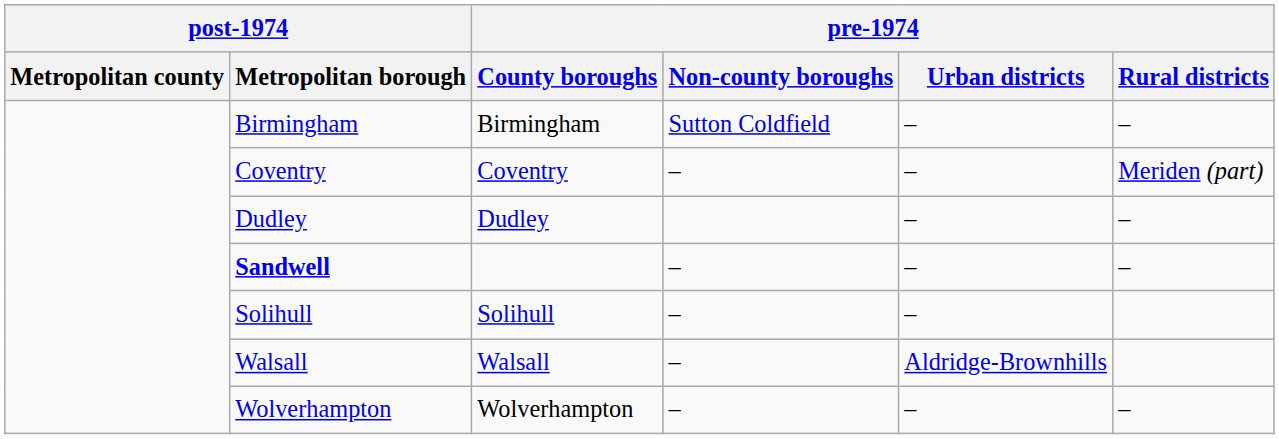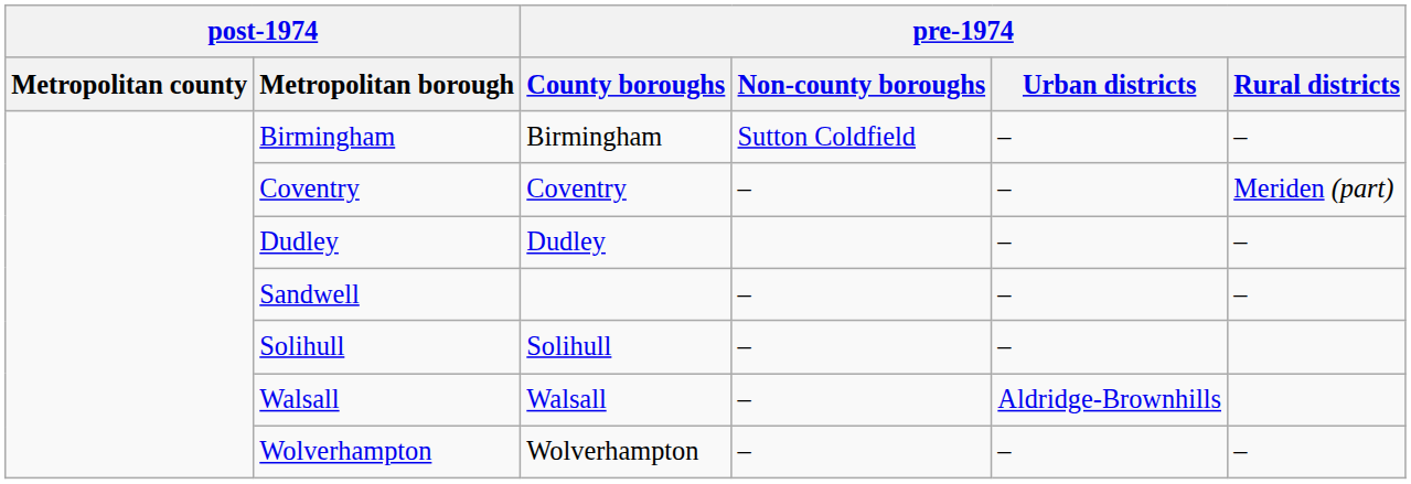 <table class="wikitable" style="border:0px;text-align:left;line-height:150%;">
 <tr>
 <th colspan="2"><a href='#'>post-1974</a></th>
 <th colspan="4"><a href='#'>pre-1974</a></th>
 </tr>
 <tr>
 <th>Metropolitan county</th>
 <th>Metropolitan borough</th>
 <th><a href='#'>County boroughs</a></th>
 <th><a href='#'>Non-county boroughs</a></th>
 <th><a href='#'>Urban districts</a></th>
 <th><a href='#'>Rural districts</a></th>
 </tr>
 <tr>
 <td rowspan=7><br></td>
 <td><a href='#'>Birmingham</a></td>
 <td>Birmingham</td>
 <td><a href='#'>Sutton Coldfield</a></td>
 <td>–</td>
 <td>–</td>
 </tr>
 <tr>
 <td><a href='#'>Coventry</a></td>
 <td><a href='#'>Coventry</a></td>
 <td>–</td>
 <td>–</td>
 <td><a href='#'>Meriden</a> <em>(part)</em></td>
 </tr>
 <tr>
 <td><a href='#'>Dudley</a></td>
 <td><a href='#'>Dudley</a></td>
 <td></td>
 <td>–</td>
 <td>–</td>
 </tr>
 <tr>
-<td><strong><a href='#'>Sandwell</a></strong></td>
+<td><a href='#'>Sandwell</a></td>
 <td></td>
 <td>–</td>
 <td>–</td>
 <td>–</td>
 </tr>
 <tr>
 <td><a href='#'>Solihull</a></td>
 <td><a href='#'>Solihull</a></td>
 <td>–</td>
 <td>–</td>
 <td></td>
 </tr>
 <tr>
 <td><a href='#'>Walsall</a></td>
 <td><a href='#'>Walsall</a></td>
 <td>–</td>
 <td><a href='#'>Aldridge-Brownhills</a></td>
 <td></td>
 </tr>
 <tr>
 <td><a href='#'>Wolverhampton</a></td>
 <td>Wolverhampton</td>
 <td>–</td>
 <td>–</td>
 <td>–</td>
 </tr>
 <tr>
 </tr>
 </table>
